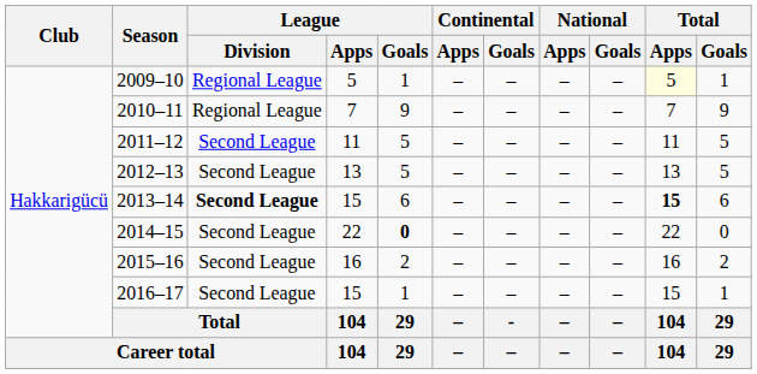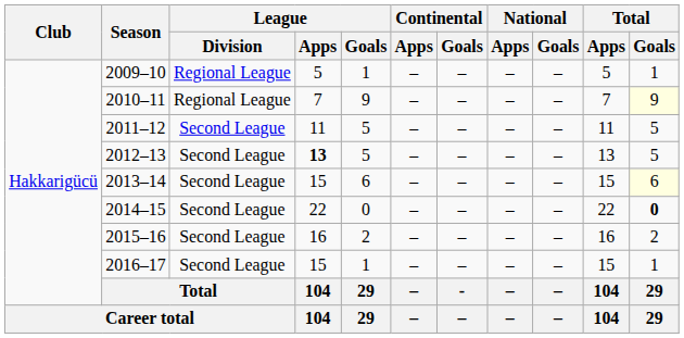 <table class="wikitable" style="text-align: center;">
 <tr>
 <th rowspan=2>Club</th>
 <th rowspan=2>Season</th>
 <th colspan=3>League</th>
 <th colspan=2>Continental</th>
 <th colspan=2>National</th>
 <th colspan=2>Total</th>
 </tr>
 <tr>
 <th>Division</th>
 <th>Apps</th>
 <th>Goals</th>
 <th>Apps</th>
 <th>Goals</th>
 <th>Apps</th>
 <th>Goals</th>
 <th>Apps</th>
 <th>Goals</th>
 </tr>
 <tr>
 <td rowspan=9><a href='#'>Hakkarigücü</a></td>
 <td>2009–10</td>
 <td><a href='#'>Regional League</a></td>
 <td>5</td>
 <td>1</td>
 <td>–</td>
 <td>–</td>
 <td>–</td>
 <td>–</td>
-<td style="background: lightyellow;">5</td>
+<td>5</td>
 <td>1</td>
 </tr>
 <tr>
 <td>2010–11</td>
 <td>Regional League</td>
 <td>7</td>
 <td>9</td>
 <td>–</td>
 <td>–</td>
 <td>–</td>
 <td>–</td>
 <td>7</td>
-<td>9</td>
+<td style="background: lightyellow;">9</td>
 </tr>
 <tr>
 <td>2011–12</td>
 <td><a href='#'>Second League</a></td>
 <td>11</td>
 <td>5</td>
 <td>–</td>
 <td>–</td>
 <td>–</td>
 <td>–</td>
 <td>11</td>
 <td>5</td>
 </tr>
 <tr>
 <td>2012–13</td>
 <td>Second League</td>
-<td>13</td>
+<td><strong>13</strong></td>
 <td>5</td>
 <td>–</td>
 <td>–</td>
 <td>–</td>
 <td>–</td>
 <td>13</td>
 <td>5</td>
 </tr>
 <tr>
 <td>2013–14</td>
-<td><strong>Second League</strong></td>
+<td>Second League</td>
 <td>15</td>
 <td>6</td>
 <td>–</td>
 <td>–</td>
 <td>–</td>
 <td>–</td>
-<td><strong>15</strong></td>
-<td>6</td>
+<td>15</td>
+<td style="background: lightyellow;">6</td>
 </tr>
 <tr>
 <td>2014–15</td>
 <td>Second League</td>
 <td>22</td>
-<td><strong>0</strong></td>
+<td>0</td>
 <td>–</td>
 <td>–</td>
 <td>–</td>
 <td>–</td>
 <td>22</td>
-<td>0</td>
+<td><strong>0</strong></td>
 </tr>
 <tr>
 <td>2015–16</td>
 <td>Second League</td>
 <td>16</td>
 <td>2</td>
 <td>–</td>
 <td>–</td>
 <td>–</td>
 <td>–</td>
 <td>16</td>
 <td>2</td>
 </tr>
 <tr>
 <td>2016–17</td>
 <td>Second League</td>
 <td>15</td>
 <td>1</td>
 <td>–</td>
 <td>–</td>
 <td>–</td>
 <td>–</td>
 <td>15</td>
 <td>1</td>
 </tr>
 <tr>
 <th colspan=2>Total</th>
 <th>104</th>
 <th>29</th>
 <th>–</th>
 <th>-</th>
 <th>–</th>
 <th>–</th>
 <th>104</th>
 <th>29</th>
 </tr>
 <tr>
 <th colspan=3>Career total</th>
 <th>104</th>
 <th>29</th>
 <th>–</th>
 <th>–</th>
 <th>–</th>
 <th>–</th>
 <th>104</th>
 <th>29</th>
 </tr>
 </table>
